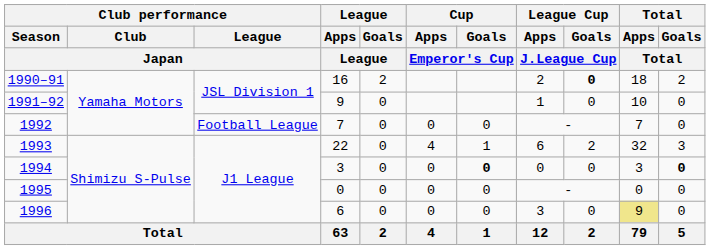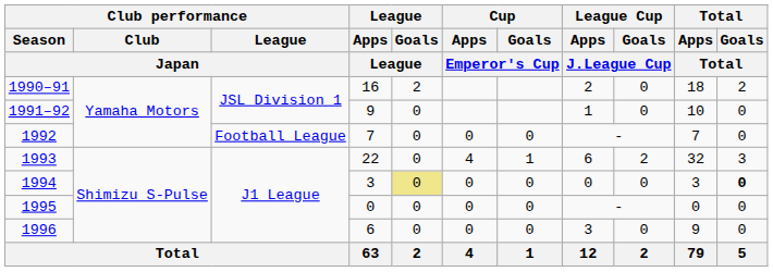 <table class="wikitable" style="text-align:center;">
 <tr>
 <th colspan=3>Club performance</th>
 <th colspan=2>League</th>
 <th colspan=2>Cup</th>
 <th colspan=2>League Cup</th>
 <th colspan=2>Total</th>
 </tr>
 <tr>
 <th>Season</th>
 <th>Club</th>
 <th>League</th>
 <th>Apps</th>
 <th>Goals</th>
 <th>Apps</th>
 <th>Goals</th>
 <th>Apps</th>
 <th>Goals</th>
 <th>Apps</th>
 <th>Goals</th>
 </tr>
 <tr>
 <th colspan=3>Japan</th>
 <th colspan=2>League</th>
 <th colspan=2><a href='#'>Emperor's Cup</a></th>
 <th colspan=2><a href='#'>J.League Cup</a></th>
 <th colspan=2>Total</th>
 </tr>
 <tr>
 <td><a href='#'>1990–91</a></td>
 <td rowspan="3"><a href='#'>Yamaha Motors</a></td>
 <td rowspan="2"><a href='#'>JSL Division 1</a></td>
 <td>16</td>
 <td>2</td>
 <td></td>
 <td></td>
 <td>2</td>
-<td><strong>0</strong></td>
+<td>0</td>
 <td>18</td>
 <td>2</td>
 </tr>
 <tr>
 <td><a href='#'>1991–92</a></td>
 <td>9</td>
 <td>0</td>
 <td></td>
 <td></td>
 <td>1</td>
 <td>0</td>
 <td>10</td>
 <td>0</td>
 </tr>
 <tr>
 <td><a href='#'>1992</a></td>
 <td><a href='#'>Football League</a></td>
 <td>7</td>
 <td>0</td>
 <td>0</td>
 <td>0</td>
 <td colspan="2">-</td>
 <td>7</td>
 <td>0</td>
 </tr>
 <tr>
 <td><a href='#'>1993</a></td>
 <td rowspan="4"><a href='#'>Shimizu S-Pulse</a></td>
 <td rowspan="4"><a href='#'>J1 League</a></td>
 <td>22</td>
 <td>0</td>
 <td>4</td>
 <td>1</td>
 <td>6</td>
 <td>2</td>
 <td>32</td>
 <td>3</td>
 </tr>
 <tr>
 <td><a href='#'>1994</a></td>
 <td>3</td>
+<td style="background: khaki;">0</td>
 <td>0</td>
 <td>0</td>
-<td><strong>0</strong></td>
 <td>0</td>
 <td>0</td>
 <td>3</td>
 <td><strong>0</strong></td>
 </tr>
 <tr>
 <td><a href='#'>1995</a></td>
 <td>0</td>
 <td>0</td>
 <td>0</td>
 <td>0</td>
 <td colspan="2">-</td>
 <td>0</td>
 <td>0</td>
 </tr>
 <tr>
 <td><a href='#'>1996</a></td>
 <td>6</td>
 <td>0</td>
 <td>0</td>
 <td>0</td>
 <td>3</td>
 <td>0</td>
-<td style="background: khaki;">9</td>
+<td>9</td>
 <td>0</td>
 </tr>
 <tr>
 <th colspan=3>Total</th>
 <th>63</th>
 <th>2</th>
 <th>4</th>
 <th>1</th>
 <th>12</th>
 <th>2</th>
 <th>79</th>
 <th>5</th>
 </tr>
 </table>
